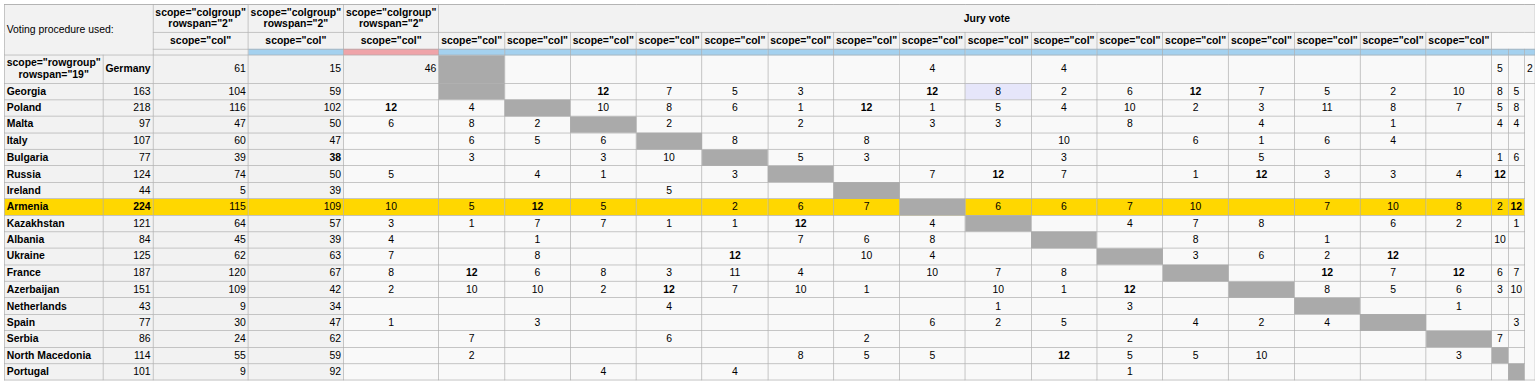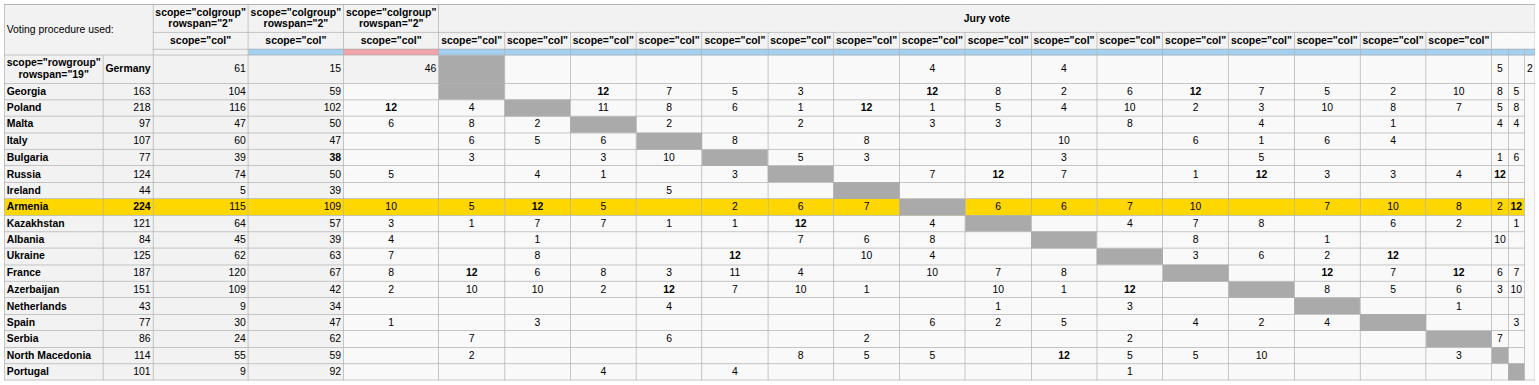 <table class="wikitable plainrowheaders" style="text-align:center;">
 <tr>
 </tr>
 <tr>
 <td colspan="2" rowspan="3" style="text-align:left; background:#F2F2F2">Voting procedure used:<br></td>
 <th>scope="colgroup" rowspan="2" </th>
 <th>scope="colgroup" rowspan="2" </th>
 <th>scope="colgroup" rowspan="2" </th>
 <th scope="colgroup" colspan="19">Jury vote</th>
 </tr>
 <tr>
 <th>scope="col" </th>
 <th>scope="col" </th>
 <th>scope="col" </th>
 <th>scope="col" </th>
 <th>scope="col" </th>
 <th>scope="col" </th>
 <th>scope="col" </th>
 <th>scope="col" </th>
 <th>scope="col" </th>
 <th>scope="col" </th>
 <th>scope="col" </th>
 <th>scope="col" </th>
 <th>scope="col" </th>
 <th>scope="col" </th>
 <th>scope="col" </th>
 <th>scope="col" </th>
 <th>scope="col" </th>
 <th>scope="col" </th>
 <th>scope="col" </th>
 </tr>
 <tr>
 <th style="height:2px; border-top:1px solid transparent;"></th>
 <td style="background:#A4D1EF;"></td>
 <td style="background:#EFA4A9;"></td>
 <td style="background:#A4D1EF;"></td>
 <td style="background:#A4D1EF;"></td>
 <td style="background:#A4D1EF;"></td>
 <td style="background:#A4D1EF;"></td>
 <td style="background:#A4D1EF;"></td>
 <td style="background:#A4D1EF;"></td>
 <td style="background:#A4D1EF;"></td>
 <td style="background:#A4D1EF;"></td>
 <td style="background:#A4D1EF;"></td>
 <td style="background:#A4D1EF;"></td>
 <td style="background:#A4D1EF;"></td>
 <td style="background:#A4D1EF;"></td>
 <td style="background:#A4D1EF;"></td>
 <td style="background:#A4D1EF;"></td>
 <td style="background:#A4D1EF;"></td>
 <td style="background:#A4D1EF;"></td>
 <td style="background:#A4D1EF;"></td>
 <td style="background:#A4D1EF;"></td>
 <td style="background:#A4D1EF;"></td>
 </tr>
 <tr>
 <th>scope="rowgroup" rowspan="19" </th>
 <th scope="row" style="text-align:left; background:#f2f2f2;">Germany</th>
 <td style="text-align:right; background:#f2f2f2;">61</td>
 <td style="text-align:right; background:#f2f2f2;">15</td>
 <td style="text-align:right; background:#f2f2f2;">46</td>
 <td style="text-align:left; background:#aaa;"></td>
 <td></td>
 <td></td>
 <td></td>
 <td></td>
 <td></td>
 <td></td>
 <td>4</td>
 <td></td>
 <td>4</td>
 <td></td>
 <td></td>
 <td></td>
 <td></td>
 <td></td>
 <td></td>
 <td>5</td>
 <td></td>
 <td>2</td>
 </tr>
 <tr>
 <th scope="row" style="text-align:left; background:#f2f2f2;">Georgia</th>
 <td style="text-align:right; background:#f2f2f2;">163</td>
 <td style="text-align:right; background:#f2f2f2;">104</td>
 <td style="text-align:right; background:#f2f2f2;">59</td>
 <td></td>
 <td style="text-align:left; background:#aaa;"></td>
 <td></td>
 <td><strong>12</strong></td>
 <td>7</td>
 <td>5</td>
 <td>3</td>
 <td></td>
 <td><strong>12</strong></td>
-<td style="background: lavender;">8</td>
+<td>8</td>
 <td>2</td>
 <td>6</td>
 <td><strong>12</strong></td>
 <td>7</td>
 <td>5</td>
 <td>2</td>
 <td>10</td>
 <td>8</td>
 <td>5</td>
 </tr>
 <tr>
 <th scope="row" style="text-align:left; background:#f2f2f2;">Poland</th>
 <td style="text-align:right; background:#f2f2f2;">218</td>
 <td style="text-align:right; background:#f2f2f2;">116</td>
 <td style="text-align:right; background:#f2f2f2;">102</td>
 <td><strong>12</strong></td>
 <td>4</td>
 <td style="text-align:left; background:#aaa;"></td>
-<td>10</td>
+<td>11</td>
 <td>8</td>
 <td>6</td>
 <td>1</td>
 <td><strong>12</strong></td>
 <td>1</td>
 <td>5</td>
 <td>4</td>
 <td>10</td>
 <td>2</td>
 <td>3</td>
-<td>11</td>
+<td>10</td>
 <td>8</td>
 <td>7</td>
 <td>5</td>
 <td>8</td>
 </tr>
 <tr>
 <th scope="row" style="text-align:left; background:#f2f2f2;">Malta</th>
 <td style="text-align:right; background:#f2f2f2;">97</td>
 <td style="text-align:right; background:#f2f2f2;">47</td>
 <td style="text-align:right; background:#f2f2f2;">50</td>
 <td>6</td>
 <td>8</td>
 <td>2</td>
 <td style="text-align:left; background:#aaa;"></td>
 <td>2</td>
 <td></td>
 <td>2</td>
 <td></td>
 <td>3</td>
 <td>3</td>
 <td></td>
 <td>8</td>
 <td></td>
 <td>4</td>
 <td></td>
 <td>1</td>
 <td></td>
 <td>4</td>
 <td>4</td>
 </tr>
 <tr>
 <th scope="row" style="text-align:left; background:#f2f2f2;">Italy</th>
 <td style="text-align:right; background:#f2f2f2;">107</td>
 <td style="text-align:right; background:#f2f2f2;">60</td>
 <td style="text-align:right; background:#f2f2f2;">47</td>
 <td></td>
 <td>6</td>
 <td>5</td>
 <td>6</td>
 <td style="text-align:left; background:#aaa;"></td>
 <td>8</td>
 <td></td>
 <td>8</td>
 <td></td>
 <td></td>
 <td>10</td>
 <td></td>
 <td>6</td>
 <td>1</td>
 <td>6</td>
 <td>4</td>
 <td></td>
 <td></td>
 <td></td>
 </tr>
 <tr>
 <th scope="row" style="text-align:left; background:#f2f2f2;">Bulgaria</th>
 <td style="text-align:right; background:#f2f2f2;">77</td>
 <td style="text-align:right; background:#f2f2f2;">39</td>
 <td style="text-align:right; background:#f2f2f2;"><strong>38</strong></td>
 <td></td>
 <td>3</td>
 <td></td>
 <td>3</td>
 <td>10</td>
 <td style="text-align:left; background:#aaa;"></td>
 <td>5</td>
 <td>3</td>
 <td></td>
 <td></td>
 <td>3</td>
 <td></td>
 <td></td>
 <td>5</td>
 <td></td>
 <td></td>
 <td></td>
 <td>1</td>
 <td>6</td>
 </tr>
 <tr>
 <th scope="row" style="text-align:left; background:#f2f2f2;">Russia</th>
 <td style="text-align:right; background:#f2f2f2;">124</td>
 <td style="text-align:right; background:#f2f2f2;">74</td>
 <td style="text-align:right; background:#f2f2f2;">50</td>
 <td>5</td>
 <td></td>
 <td>4</td>
 <td>1</td>
 <td></td>
 <td>3</td>
 <td style="text-align:left; background:#aaa;"></td>
 <td></td>
 <td>7</td>
 <td><strong>12</strong></td>
 <td>7</td>
 <td></td>
 <td>1</td>
 <td><strong>12</strong></td>
 <td>3</td>
 <td>3</td>
 <td>4</td>
 <td><strong>12</strong></td>
 <td></td>
 </tr>
 <tr>
 <th scope="row" style="text-align:left; background:#f2f2f2;">Ireland</th>
 <td style="text-align:right; background:#f2f2f2;">44</td>
 <td style="text-align:right; background:#f2f2f2;">5</td>
 <td style="text-align:right; background:#f2f2f2;">39</td>
 <td></td>
 <td></td>
 <td></td>
 <td></td>
 <td>5</td>
 <td></td>
 <td></td>
 <td style="text-align:left; background:#aaa;"></td>
 <td></td>
 <td></td>
 <td></td>
 <td></td>
 <td></td>
 <td></td>
 <td></td>
 <td></td>
 <td></td>
 <td></td>
 <td></td>
 </tr>
 <tr style="background:gold;">
 <th scope="row" style="text-align:left; font-weight:bold; background:gold;">Armenia</th>
 <td style="text-align:right; font-weight:bold;">224</td>
 <td style="text-align:right;">115</td>
 <td style="text-align:right;">109</td>
 <td>10</td>
 <td>5</td>
 <td><strong>12</strong></td>
 <td>5</td>
 <td></td>
 <td>2</td>
 <td>6</td>
 <td>7</td>
 <td style="text-align:left; background:#aaa;"></td>
 <td>6</td>
 <td>6</td>
 <td>7</td>
 <td>10</td>
 <td></td>
 <td>7</td>
 <td>10</td>
 <td>8</td>
 <td>2</td>
 <td><strong>12</strong></td>
 </tr>
 <tr>
 <th scope="row" style="text-align:left; background:#f2f2f2;">Kazakhstan</th>
 <td style="text-align:right; background:#f2f2f2;">121</td>
 <td style="text-align:right; background:#f2f2f2;">64</td>
 <td style="text-align:right; background:#f2f2f2;">57</td>
 <td>3</td>
 <td>1</td>
 <td>7</td>
 <td>7</td>
 <td>1</td>
 <td>1</td>
 <td><strong>12</strong></td>
 <td></td>
 <td>4</td>
 <td style="text-align:left; background:#aaa;"></td>
 <td></td>
 <td>4</td>
 <td>7</td>
 <td>8</td>
 <td></td>
 <td>6</td>
 <td>2</td>
 <td></td>
 <td>1</td>
 </tr>
 <tr>
 <th scope="row" style="text-align:left; background:#f2f2f2;">Albania</th>
 <td style="text-align:right; background:#f2f2f2;">84</td>
 <td style="text-align:right; background:#f2f2f2;">45</td>
 <td style="text-align:right; background:#f2f2f2;">39</td>
 <td>4</td>
 <td></td>
 <td>1</td>
 <td></td>
 <td></td>
 <td></td>
 <td>7</td>
 <td>6</td>
 <td>8</td>
 <td></td>
 <td style="text-align:left; background:#aaa;"></td>
 <td></td>
 <td>8</td>
 <td></td>
 <td>1</td>
 <td></td>
 <td></td>
 <td>10</td>
 <td></td>
 </tr>
 <tr>
 <th scope="row" style="text-align:left; background:#f2f2f2;">Ukraine</th>
 <td style="text-align:right; background:#f2f2f2;">125</td>
 <td style="text-align:right; background:#f2f2f2;">62</td>
 <td style="text-align:right; background:#f2f2f2;">63</td>
 <td>7</td>
 <td></td>
 <td>8</td>
 <td></td>
 <td></td>
 <td><strong>12</strong></td>
 <td></td>
 <td>10</td>
 <td>4</td>
 <td></td>
 <td></td>
 <td style="text-align:left; background:#aaa;"></td>
 <td>3</td>
 <td>6</td>
 <td>2</td>
 <td><strong>12</strong></td>
 <td></td>
 <td></td>
 <td></td>
 </tr>
 <tr>
 <th scope="row" style="text-align:left; background:#f2f2f2;">France</th>
 <td style="text-align:right; background:#f2f2f2;">187</td>
 <td style="text-align:right; background:#f2f2f2;">120</td>
 <td style="text-align:right; background:#f2f2f2;">67</td>
 <td>8</td>
 <td><strong>12</strong></td>
 <td>6</td>
 <td>8</td>
 <td>3</td>
 <td>11</td>
 <td>4</td>
 <td></td>
 <td>10</td>
 <td>7</td>
 <td>8</td>
 <td></td>
 <td style="text-align:left; background:#aaa;"></td>
 <td></td>
 <td><strong>12</strong></td>
 <td>7</td>
 <td><strong>12</strong></td>
 <td>6</td>
 <td>7</td>
 </tr>
 <tr>
 <th scope="row" style="text-align:left; background:#f2f2f2;">Azerbaijan</th>
 <td style="text-align:right; background:#f2f2f2;">151</td>
 <td style="text-align:right; background:#f2f2f2;">109</td>
 <td style="text-align:right; background:#f2f2f2;">42</td>
 <td>2</td>
 <td>10</td>
 <td>10</td>
 <td>2</td>
 <td><strong>12</strong></td>
 <td>7</td>
 <td>10</td>
 <td>1</td>
 <td></td>
 <td>10</td>
 <td>1</td>
 <td><strong>12</strong></td>
 <td></td>
 <td style="text-align:left; background:#aaa;"></td>
 <td>8</td>
 <td>5</td>
 <td>6</td>
 <td>3</td>
 <td>10</td>
 </tr>
 <tr>
 <th scope="row" style="text-align:left; background:#f2f2f2;">Netherlands</th>
 <td style="text-align:right; background:#f2f2f2;">43</td>
 <td style="text-align:right; background:#f2f2f2;">9</td>
 <td style="text-align:right; background:#f2f2f2;">34</td>
 <td></td>
 <td></td>
 <td></td>
 <td></td>
 <td>4</td>
 <td></td>
 <td></td>
 <td></td>
 <td></td>
 <td>1</td>
 <td></td>
 <td>3</td>
 <td></td>
 <td></td>
 <td style="text-align:left; background:#aaa;"></td>
 <td></td>
 <td>1</td>
 <td></td>
 <td></td>
 </tr>
 <tr>
 <th scope="row" style="text-align:left; background:#f2f2f2;">Spain</th>
 <td style="text-align:right; background:#f2f2f2;">77</td>
 <td style="text-align:right; background:#f2f2f2;">30</td>
 <td style="text-align:right; background:#f2f2f2;">47</td>
 <td>1</td>
 <td></td>
 <td>3</td>
 <td></td>
 <td></td>
 <td></td>
 <td></td>
 <td></td>
 <td>6</td>
 <td>2</td>
 <td>5</td>
 <td></td>
 <td>4</td>
 <td>2</td>
 <td>4</td>
 <td style="text-align:left; background:#aaa;"></td>
 <td></td>
 <td></td>
 <td>3</td>
 </tr>
 <tr>
 <th scope="row" style="text-align:left; background:#f2f2f2;">Serbia</th>
 <td style="text-align:right; background:#f2f2f2;">86</td>
 <td style="text-align:right; background:#f2f2f2;">24</td>
 <td style="text-align:right; background:#f2f2f2;">62</td>
 <td></td>
 <td>7</td>
 <td></td>
 <td></td>
 <td>6</td>
 <td></td>
 <td></td>
 <td>2</td>
 <td></td>
 <td></td>
 <td></td>
 <td>2</td>
 <td></td>
 <td></td>
 <td></td>
 <td></td>
 <td style="text-align:left; background:#aaa;"></td>
 <td>7</td>
 <td></td>
 </tr>
 <tr>
 <th scope="row" style="text-align:left; background:#f2f2f2;">North Macedonia</th>
 <td style="text-align:right; background:#f2f2f2;">114</td>
 <td style="text-align:right; background:#f2f2f2;">55</td>
 <td style="text-align:right; background:#f2f2f2;">59</td>
 <td></td>
 <td>2</td>
 <td></td>
 <td></td>
 <td></td>
 <td></td>
 <td>8</td>
 <td>5</td>
 <td>5</td>
 <td></td>
 <td><strong>12</strong></td>
 <td>5</td>
 <td>5</td>
 <td>10</td>
 <td></td>
 <td></td>
 <td>3</td>
 <td style="text-align:left; background:#aaa;"></td>
 <td></td>
 </tr>
 <tr>
 <th scope="row" style="text-align:left; background:#f2f2f2;">Portugal</th>
 <td style="text-align:right; background:#f2f2f2;">101</td>
 <td style="text-align:right; background:#f2f2f2;">9</td>
 <td style="text-align:right; background:#f2f2f2;">92</td>
 <td></td>
 <td></td>
 <td></td>
 <td>4</td>
 <td></td>
 <td>4</td>
 <td></td>
 <td></td>
 <td></td>
 <td></td>
 <td></td>
 <td>1</td>
 <td></td>
 <td></td>
 <td></td>
 <td></td>
 <td></td>
 <td></td>
 <td style="text-align:left; background:#aaa;"></td>
 </tr>
 </table>
